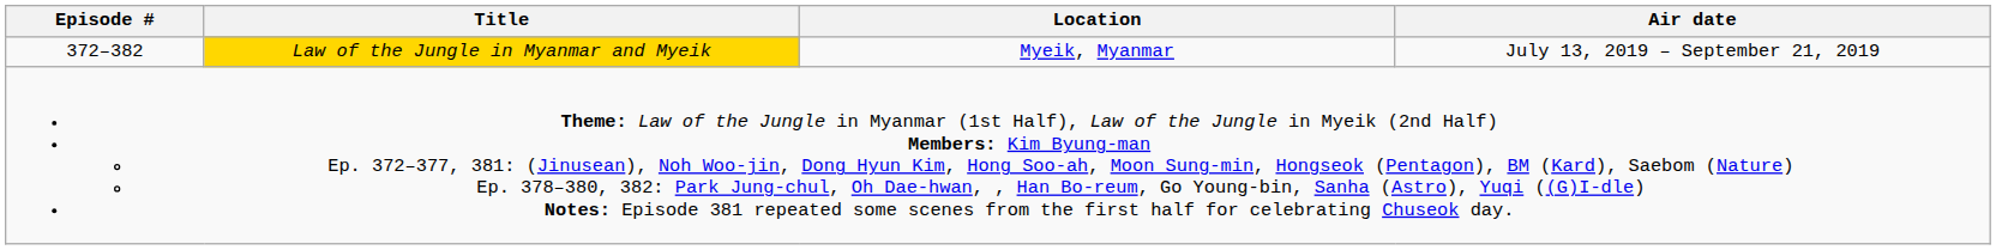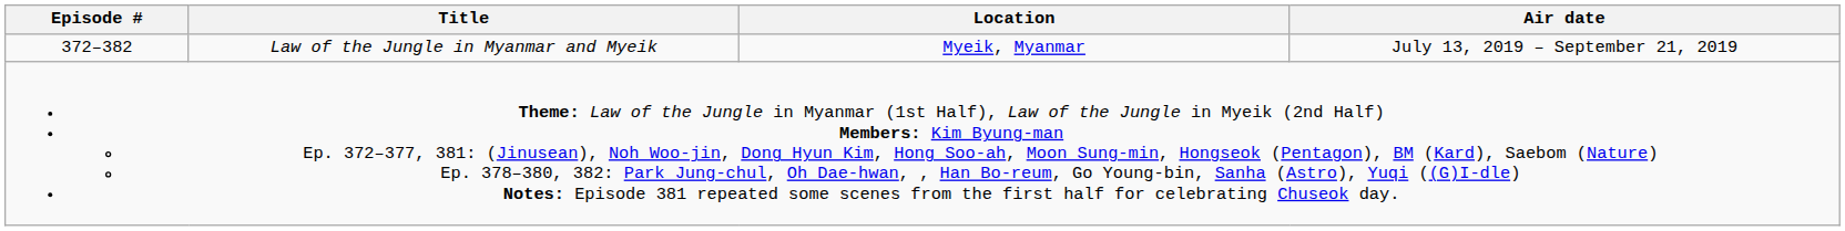 <table class="wikitable" style="text-align:center; font-size:90%; width:100%;">
 <tr>
 <th width="10%">Episode #</th>
 <th width="30%">Title</th>
 <th width="30%">Location</th>
 <th width="30%">Air date</th>
 </tr>
 <tr>
 <td>372–382</td>
-<td style="background: gold;"><em>Law of the Jungle in Myanmar and Myeik</em></td>
+<td><em>Law of the Jungle in Myanmar and Myeik</em></td>
 <td><a href='#'>Myeik</a>, <a href='#'>Myanmar</a></td>
 <td>July 13, 2019 – September 21, 2019</td>
 </tr>
 <tr>
 <td colspan="4"><br><ul><li><strong>Theme:</strong> <em>Law of the Jungle</em> in Myanmar (1st Half), <em>Law of the Jungle</em> in Myeik (2nd Half)</li><li><strong>Members:</strong> <a href='#'>Kim Byung-man</a><ul><li>Ep. 372–377, 381:  (<a href='#'>Jinusean</a>), <a href='#'>Noh Woo-jin</a>, <a href='#'>Dong Hyun Kim</a>, <a href='#'>Hong Soo-ah</a>, <a href='#'>Moon Sung-min</a>, <a href='#'>Hongseok</a> (<a href='#'>Pentagon</a>), <a href='#'>BM</a> (<a href='#'>Kard</a>), Saebom (<a href='#'>Nature</a>)</li><li>Ep. 378–380, 382: <a href='#'>Park Jung-chul</a>, <a href='#'>Oh Dae-hwan</a>, , <a href='#'>Han Bo-reum</a>, Go Young-bin, <a href='#'>Sanha</a> (<a href='#'>Astro</a>), <a href='#'>Yuqi</a> (<a href='#'>(G)I-dle</a>)</li></ul></li><li><strong>Notes:</strong> Episode 381 repeated some scenes from the first half for celebrating <a href='#'>Chuseok</a> day.</li></ul></td>
 </tr>
 </table>
